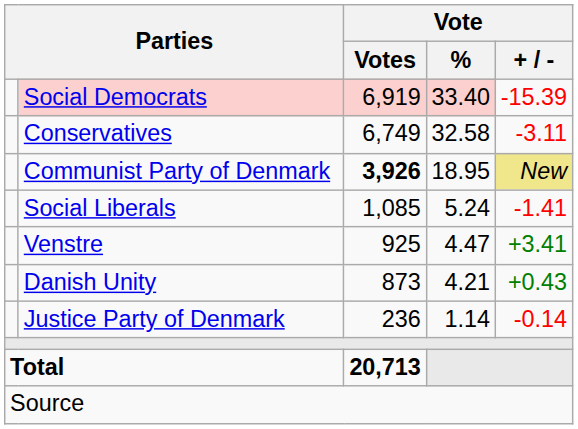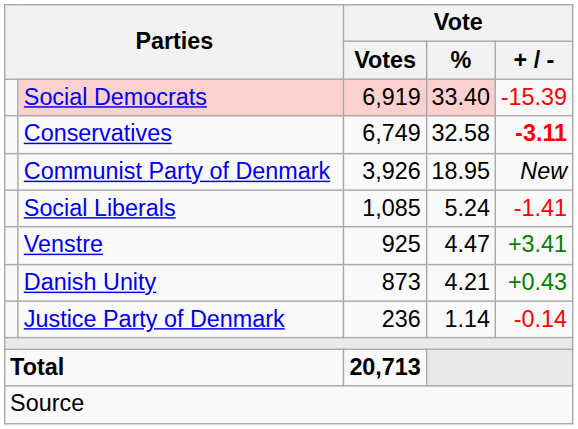 <table class="wikitable" style="text-align:right;">
 <tr>
 <th style="text-align:centre;" rowspan="2" colspan="2" width="225">Parties</th>
 <th colspan="3">Vote</th>
 </tr>
 <tr>
 <th width="15">Votes</th>
 <th width="15">%</th>
 <th width="15">+ / -</th>
 </tr>
 <tr>
 <td width="2" style="color:inherit;background:"></td>
 <td bgcolor=#fbd0ce  align="left"><a href='#'>Social Democrats</a></td>
 <td bgcolor=#fbd0ce>6,919</td>
 <td bgcolor=#fbd0ce>33.40</td>
 <td style=color:red;>-15.39</td>
 </tr>
 <tr>
 <td width="2" style="color:inherit;background:"></td>
 <td align="left"><a href='#'>Conservatives</a></td>
 <td>6,749</td>
 <td>32.58</td>
-<td style=color:red;>-3.11</td>
+<td style=color:red;><strong>-3.11</strong></td>
 </tr>
 <tr>
 <td width="2" style="color:inherit;background:"></td>
 <td align="left"><a href='#'>Communist Party of Denmark</a></td>
-<td><strong>3,926</strong></td>
+<td>3,926</td>
 <td>18.95</td>
-<td style="background: khaki;"><em>New</em></td>
+<td><em>New</em></td>
 </tr>
 <tr>
 <td width="2" style="color:inherit;background:"></td>
 <td align="left"><a href='#'>Social Liberals</a></td>
 <td>1,085</td>
 <td>5.24</td>
 <td style=color:red;>-1.41</td>
 </tr>
 <tr>
 <td width="2" style="color:inherit;background:"></td>
 <td align="left"><a href='#'>Venstre</a></td>
 <td>925</td>
 <td>4.47</td>
 <td style=color:green;>+3.41</td>
 </tr>
 <tr>
 <td width="2" style="color:inherit;background:"></td>
 <td align="left"><a href='#'>Danish Unity</a></td>
 <td>873</td>
 <td>4.21</td>
 <td style=color:green;>+0.43</td>
 </tr>
 <tr>
 <td width="2" style="color:inherit;background:"></td>
 <td align="left"><a href='#'>Justice Party of Denmark</a></td>
 <td>236</td>
 <td>1.14</td>
 <td style=color:red;>-0.14</td>
 </tr>
 <tr>
 <td colspan="7" bgcolor="#E9E9E9"></td>
 </tr>
 <tr>
 <td align="left" colspan="2"><strong>Total</strong></td>
 <td><strong>20,713</strong></td>
 <td bgcolor="#E9E9E9" colspan="2"></td>
 </tr>
 <tr>
 <td align="left" colspan="6">Source</td>
 </tr>
 </table>
